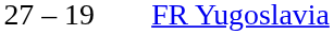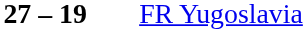 <table style="text-align:center">
 <tr>
 <th width=200></th>
 <th width=100></th>
 <th width=200></th>
 </tr>
 <tr>
 <td align=right><strong></strong></td>
-<td>27 – 19</td>
+<td><strong>27 – 19</strong></td>
 <td align=left> <a href='#'>FR Yugoslavia</a></td>
 </tr>
 </table>
